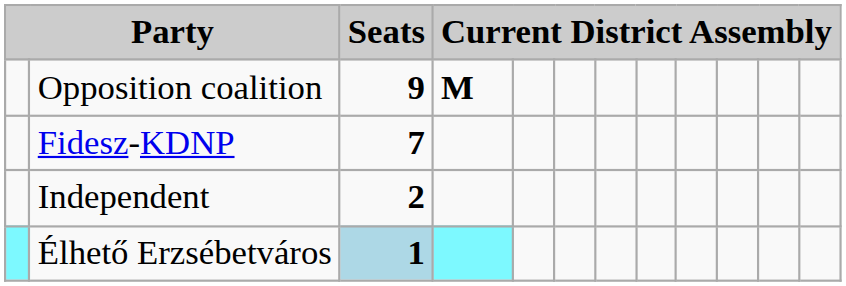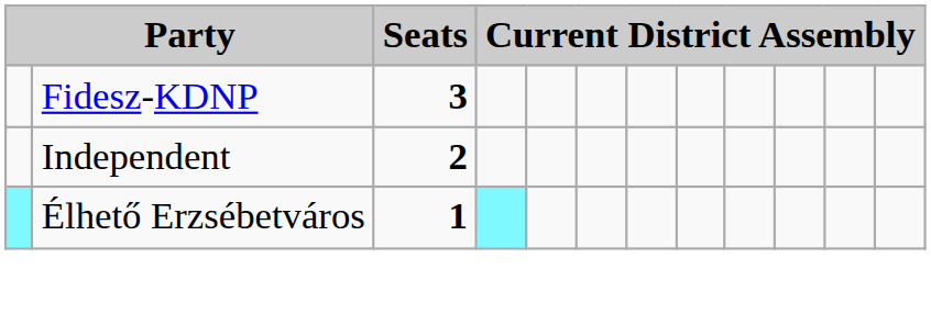 <table class="wikitable">
 <tr>
 <th style="background:#ccc" colspan="2">Party</th>
 <th style="background:#ccc">Seats</th>
 <th style="background:#ccc" colspan="9">Current District Assembly</th>
 </tr>
 <tr>
 <td style="background-color: "> </td>
-<td>Opposition coalition</td>
-<td style="text-align: right"><strong>9</strong></td>
-<td style="background-color: "><span><strong>M</strong></span></td>
-<td style="background-color: "> </td>
-<td style="background-color: "> </td>
-<td style="background-color: "> </td>
-<td style="background-color: "> </td>
-<td style="background-color: "> </td>
-<td style="background-color: "> </td>
-<td style="background-color: "> </td>
-<td style="background-color: "> </td>
-</tr>
-<tr>
-<td style="background-color: "> </td>
 <td><a href='#'>Fidesz</a>-<a href='#'>KDNP</a></td>
-<td style="text-align: right"><strong>7</strong></td>
+<td style="text-align: right"><strong>3</strong></td>
 <td style="background-color: "> </td>
 <td style="background-color: "> </td>
 <td style="background-color: "> </td>
 <td> </td>
 <td> </td>
 <td> </td>
 <td> </td>
 <td> </td>
 <td> </td>
 </tr>
 <tr>
 <td style="background-color: "> </td>
 <td>Independent</td>
 <td style="text-align: right"><strong>2</strong></td>
 <td style="background-color: "> </td>
 <td style="background-color: "> </td>
 <td> </td>
 <td> </td>
 <td> </td>
 <td> </td>
 <td> </td>
 <td> </td>
 <td> </td>
 </tr>
 <tr>
 <td style="background-color: #7DF9FF"> </td>
 <td>Élhető Erzsébetváros</td>
-<td style="background: lightblue; text-align: right"><strong>1</strong></td>
+<td style="text-align: right"><strong>1</strong></td>
 <td style="background-color: #7DF9FF"> </td>
 <td> </td>
 <td> </td>
 <td> </td>
 <td> </td>
 <td> </td>
 <td> </td>
 <td> </td>
 <td> </td>
 </tr>
 </table>
